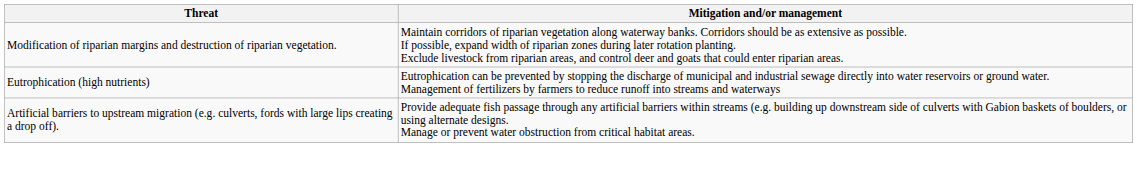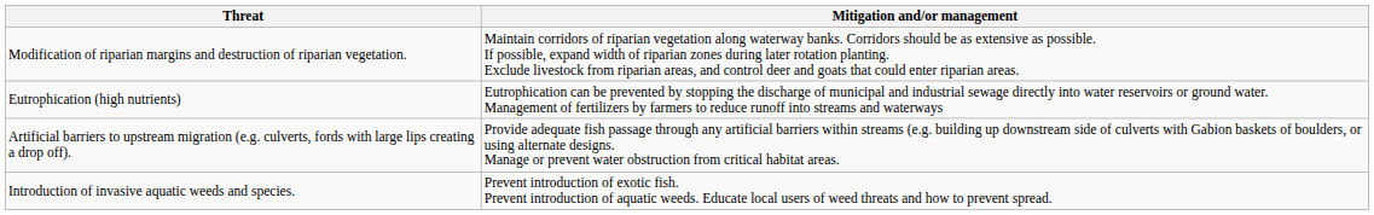 <table class="wikitable">
 <tr>
 <th>Threat</th>
 <th>Mitigation and/or management</th>
 </tr>
 <tr>
 <td>Modification of riparian margins and destruction of riparian vegetation.</td>
 <td>Maintain corridors of riparian vegetation along waterway banks. Corridors should be as extensive as possible.<br>If possible, expand width of riparian zones during later rotation planting.<br>Exclude livestock from riparian areas, and control deer and goats that could enter riparian areas.</td>
 </tr>
 <tr>
 <td>Eutrophication (high nutrients)</td>
 <td>Eutrophication can be prevented by stopping the discharge of municipal and industrial sewage directly into water reservoirs or ground water.<br>Management of fertilizers by farmers to reduce runoff into streams and waterways </td>
 </tr>
 <tr>
 <td>Artificial barriers to upstream migration (e.g. culverts, fords with large lips creating a drop off).</td>
 <td>Provide adequate fish passage through any artificial barriers within streams (e.g. building up downstream side of culverts with Gabion baskets of boulders, or using alternate designs.<br>Manage or prevent water obstruction from critical habitat areas.</td>
 </tr>
+<tr>
+<td>Introduction of  invasive aquatic weeds and species.</td>
+<td>Prevent introduction of exotic fish.<br>Prevent introduction of aquatic weeds.  Educate local users of weed threats and how to prevent spread.</td>
+</tr>
 </table>
